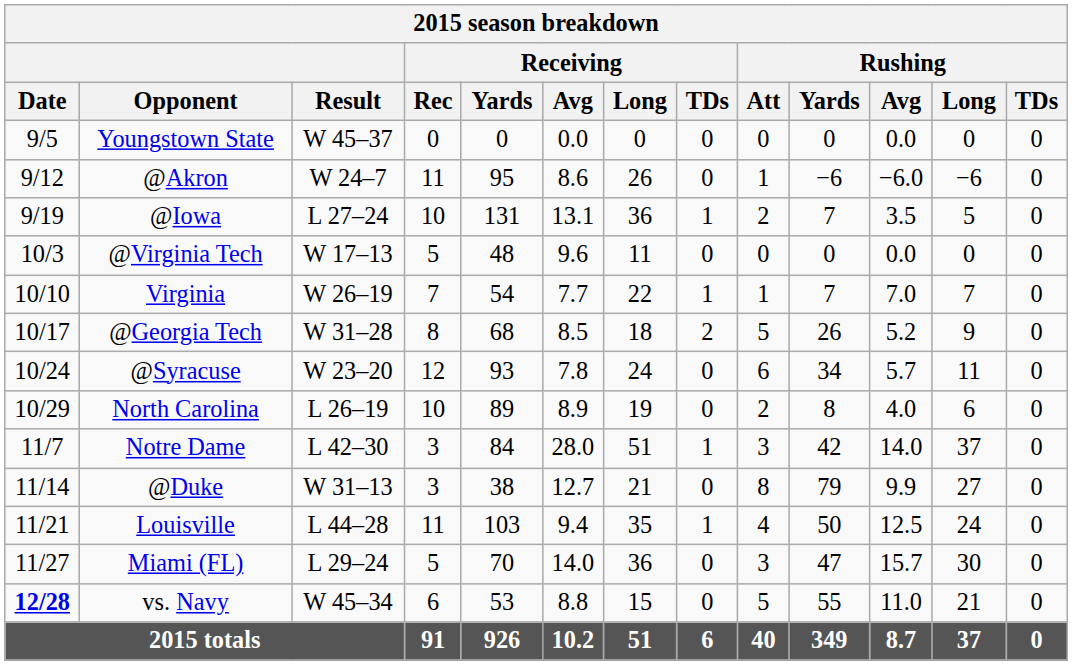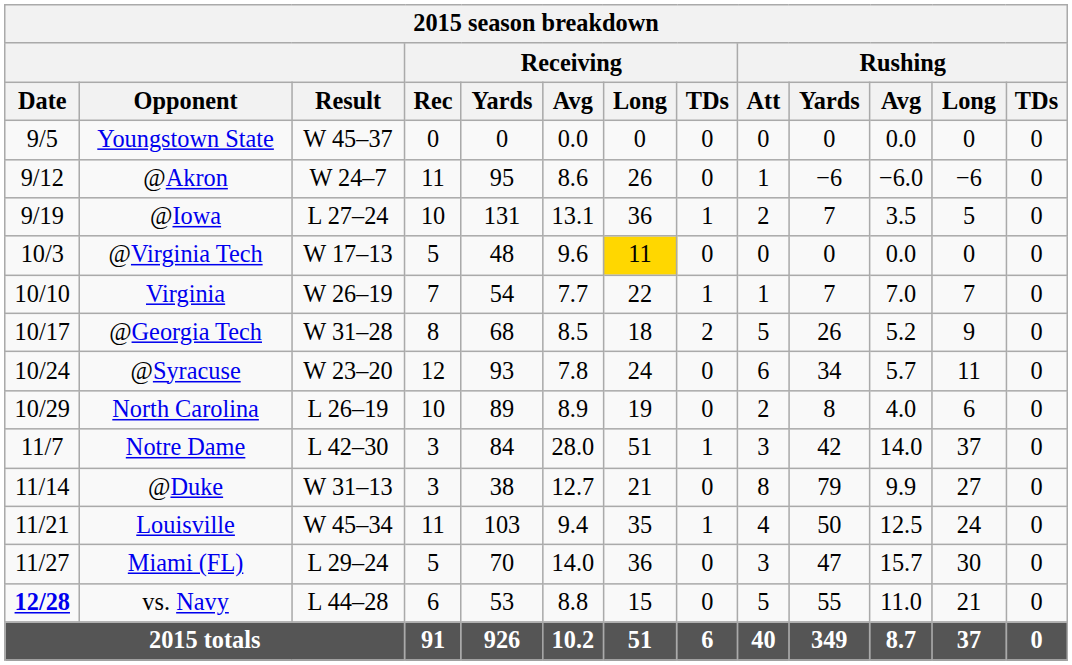 <table class="wikitable collapsible collapsed" style="text-align:center; width:700px">
 <tr>
 <th colspan=13>2015 season breakdown</th>
 </tr>
 <tr>
 <th colspan=3></th>
 <th colspan=5>Receiving</th>
 <th colspan=5>Rushing</th>
 </tr>
 <tr>
 <th>Date</th>
 <th>Opponent</th>
 <th>Result</th>
 <th>Rec</th>
 <th>Yards</th>
 <th>Avg</th>
 <th>Long</th>
 <th>TDs</th>
 <th>Att</th>
 <th>Yards</th>
 <th>Avg</th>
 <th>Long</th>
 <th>TDs</th>
 </tr>
 <tr>
 <td>9/5</td>
 <td><a href='#'>Youngstown State</a></td>
 <td>W 45–37</td>
 <td>0</td>
 <td>0</td>
 <td>0.0</td>
 <td>0</td>
 <td>0</td>
 <td>0</td>
 <td>0</td>
 <td>0.0</td>
 <td>0</td>
 <td>0</td>
 </tr>
 <tr>
 <td>9/12</td>
 <td>@<a href='#'>Akron</a></td>
 <td>W 24–7</td>
 <td>11</td>
 <td>95</td>
 <td>8.6</td>
 <td>26</td>
 <td>0</td>
 <td>1</td>
 <td>−6</td>
 <td>−6.0</td>
 <td>−6</td>
 <td>0</td>
 </tr>
 <tr>
 <td>9/19</td>
 <td>@<a href='#'>Iowa</a></td>
 <td>L 27–24</td>
 <td>10</td>
 <td>131</td>
 <td>13.1</td>
 <td>36</td>
 <td>1</td>
 <td>2</td>
 <td>7</td>
 <td>3.5</td>
 <td>5</td>
 <td>0</td>
 </tr>
 <tr>
 <td>10/3</td>
 <td>@<a href='#'>Virginia Tech</a></td>
 <td>W 17–13</td>
 <td>5</td>
 <td>48</td>
 <td>9.6</td>
-<td>11</td>
+<td style="background: gold;">11</td>
 <td>0</td>
 <td>0</td>
 <td>0</td>
 <td>0.0</td>
 <td>0</td>
 <td>0</td>
 </tr>
 <tr>
 <td>10/10</td>
 <td><a href='#'>Virginia</a></td>
 <td>W 26–19</td>
 <td>7</td>
 <td>54</td>
 <td>7.7</td>
 <td>22</td>
 <td>1</td>
 <td>1</td>
 <td>7</td>
 <td>7.0</td>
 <td>7</td>
 <td>0</td>
 </tr>
 <tr>
 <td>10/17</td>
 <td>@<a href='#'>Georgia Tech</a></td>
 <td>W 31–28</td>
 <td>8</td>
 <td>68</td>
 <td>8.5</td>
 <td>18</td>
 <td>2</td>
 <td>5</td>
 <td>26</td>
 <td>5.2</td>
 <td>9</td>
 <td>0</td>
 </tr>
 <tr>
 <td>10/24</td>
 <td>@<a href='#'>Syracuse</a></td>
 <td>W 23–20</td>
 <td>12</td>
 <td>93</td>
 <td>7.8</td>
 <td>24</td>
 <td>0</td>
 <td>6</td>
 <td>34</td>
 <td>5.7</td>
 <td>11</td>
 <td>0</td>
 </tr>
 <tr>
 <td>10/29</td>
 <td><a href='#'>North Carolina</a></td>
 <td>L 26–19</td>
 <td>10</td>
 <td>89</td>
 <td>8.9</td>
 <td>19</td>
 <td>0</td>
 <td>2</td>
 <td>8</td>
 <td>4.0</td>
 <td>6</td>
 <td>0</td>
 </tr>
 <tr>
 <td>11/7</td>
 <td><a href='#'>Notre Dame</a></td>
 <td>L 42–30</td>
 <td>3</td>
 <td>84</td>
 <td>28.0</td>
 <td>51</td>
 <td>1</td>
 <td>3</td>
 <td>42</td>
 <td>14.0</td>
 <td>37</td>
 <td>0</td>
 </tr>
 <tr>
 <td>11/14</td>
 <td>@<a href='#'>Duke</a></td>
 <td>W 31–13</td>
 <td>3</td>
 <td>38</td>
 <td>12.7</td>
 <td>21</td>
 <td>0</td>
 <td>8</td>
 <td>79</td>
 <td>9.9</td>
 <td>27</td>
 <td>0</td>
 </tr>
 <tr>
 <td>11/21</td>
 <td><a href='#'>Louisville</a></td>
-<td>L 44–28</td>
+<td>W 45–34</td>
 <td>11</td>
 <td>103</td>
 <td>9.4</td>
 <td>35</td>
 <td>1</td>
 <td>4</td>
 <td>50</td>
 <td>12.5</td>
 <td>24</td>
 <td>0</td>
 </tr>
 <tr>
 <td>11/27</td>
 <td><a href='#'>Miami (FL)</a></td>
 <td>L 29–24</td>
 <td>5</td>
 <td>70</td>
 <td>14.0</td>
 <td>36</td>
 <td>0</td>
 <td>3</td>
 <td>47</td>
 <td>15.7</td>
 <td>30</td>
 <td>0</td>
 </tr>
 <tr>
 <td><strong><a href='#'>12/28</a></strong></td>
 <td>vs. <a href='#'>Navy</a></td>
-<td>W 45–34</td>
+<td>L 44–28</td>
 <td>6</td>
 <td>53</td>
 <td>8.8</td>
 <td>15</td>
 <td>0</td>
 <td>5</td>
 <td>55</td>
 <td>11.0</td>
 <td>21</td>
 <td>0</td>
 </tr>
 <tr style="background:#555; font-weight:bold; color:white;">
 <td colspan=3>2015 totals</td>
 <td>91</td>
 <td>926</td>
 <td>10.2</td>
 <td>51</td>
 <td>6</td>
 <td>40</td>
 <td>349</td>
 <td>8.7</td>
 <td>37</td>
 <td>0</td>
 </tr>
 </table>
